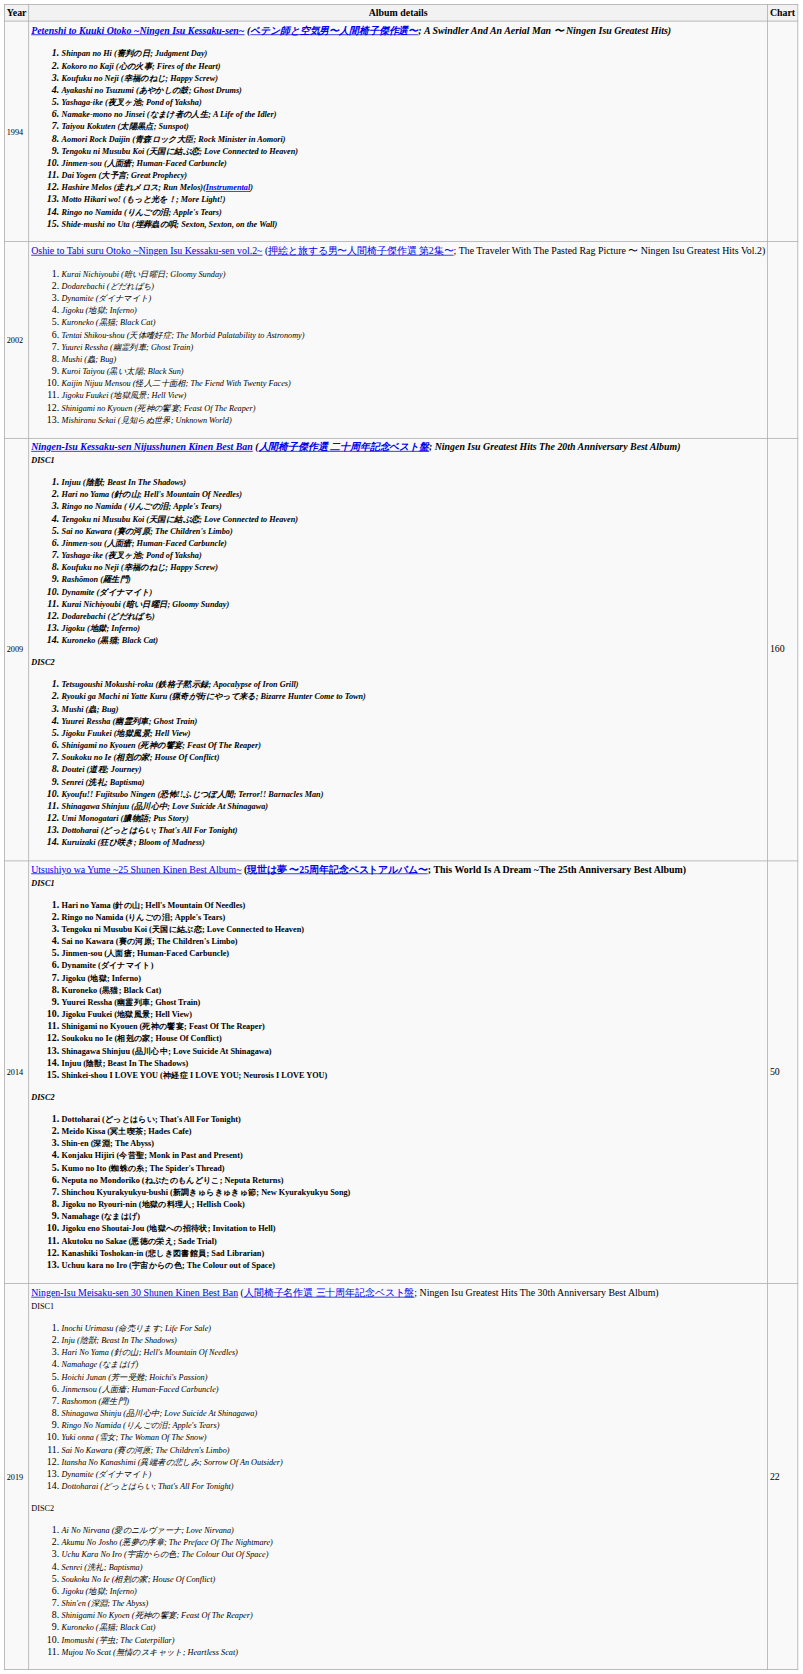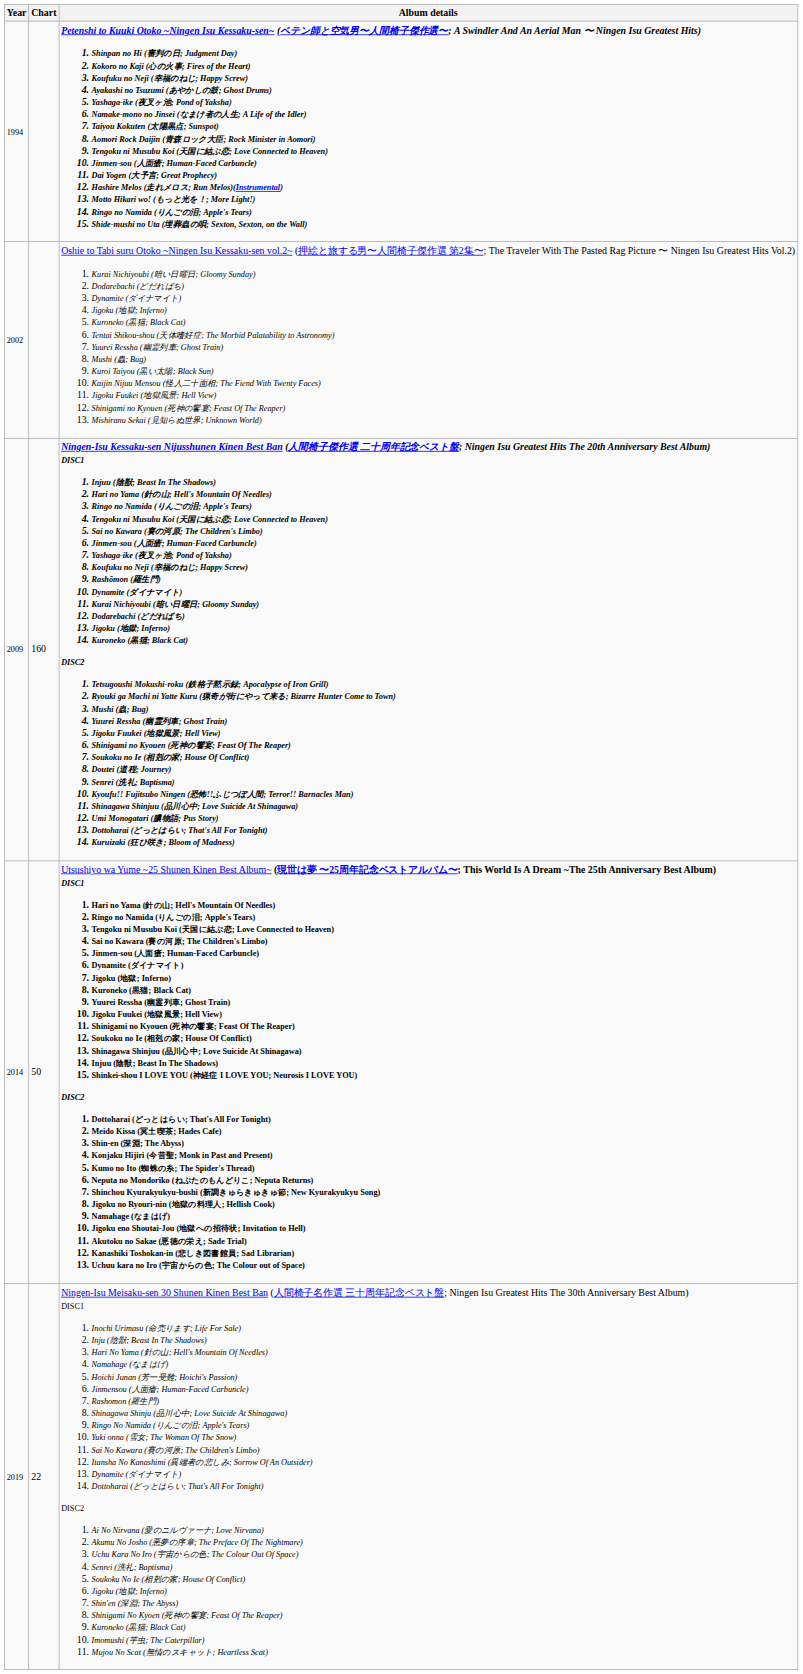 <table class="wikitable" style="font-size:small">
 <tr>
 <th>Year</th>
+<th>Chart</th>
 <th>Album details</th>
-<th>Chart</th>
 </tr>
 <tr>
 <td><small>1994</small></td>
+<td></td>
 <td><strong><em><a href='#'>Petenshi to Kuuki Otoko ~Ningen Isu Kessaku-sen~</a><strong> (<a href='#'>ペテン師と空気男〜人間椅子傑作選〜</a>; A Swindler And An Aerial Man 〜 Ningen Isu Greatest Hits)<em><br><ol><li><small></em>Shinpan no Hi (審判の日; Judgment Day)<em></small></li><li><small></em>Kokoro no Kaji (心の火事; Fires of the Heart)<em></small></li><li><small></em>Koufuku no Neji (幸福のねじ; Happy Screw)<em></small></li><li><small></em>Ayakashi no Tsuzumi (あやかしの鼓; Ghost Drums)<em></small></li><li><small></em>Yashaga-ike (夜叉ヶ池; Pond of Yaksha)<em></small></li><li><small></em>Namake-mono no Jinsei (なまけ者の人生; A Life of the Idler)<em></small></li><li><small></em>Taiyou Kokuten (太陽黒点; Sunspot)<em></small></li><li><small></em>Aomori Rock Daijin (青森ロック大臣; Rock Minister in Aomori)<em></small></li><li><small></em>Tengoku ni Musubu Koi (天国に結ぶ恋; Love Connected to Heaven)<em></small></li><li><small></em>Jinmen-sou (人面瘡; Human-Faced Carbuncle)<em></small></li><li><small></em>Dai Yogen (大予言; Great Prophecy)<em></small></li><li><small></em>Hashire Melos (走れメロス; Run Melos)<em>(<a href='#'>Instrumental</a>)</small></li><li><small></em>Motto Hikari wo! (もっと光を！; More Light!)<em></small></li><li><small></em>Ringo no Namida (りんごの泪; Apple's Tears)<em></small></li><li><small></em>Shide-mushi no Uta (埋葬蟲の唄; Sexton, Sexton, on the Wall)<em></small></li></ol></td>
-<td></td>
 </tr>
 <tr>
 <td><small>2002</small></td>
+<td></td>
 <td></em></strong><a href='#'>Oshie to Tabi suru Otoko ~Ningen Isu Kessaku-sen vol.2~</a></strong> (<a href='#'>押絵と旅する男〜人間椅子傑作選 第2集〜</a>; The Traveler With The Pasted Rag Picture 〜 Ningen Isu Greatest Hits Vol.2)</em><br><ol><li><small><em>Kurai Nichiyoubi (暗い日曜日; Gloomy Sunday)</em></small></li><li><small><em>Dodarebachi (どだればち)</em></small></li><li><small><em>Dynamite (ダイナマイト)</em></small></li><li><small><em>Jigoku (地獄; Inferno)</em></small></li><li><small><em>Kuroneko (黒猫; Black Cat)</em></small></li><li><small><em>Tentai Shikou-shou (天体嗜好症; The Morbid Palatability to Astronomy)</em></small></li><li><small><em>Yuurei Ressha (幽霊列車; Ghost Train)</em></small></li><li><small><em>Mushi (蟲; Bug)</em></small></li><li><small><em>Kuroi Taiyou (黒い太陽; Black Sun)</em></small></li><li><small><em>Kaijin Nijuu Mensou (怪人二十面相; The Fiend With Twenty Faces)</em></small></li><li><small><em>Jigoku Fuukei (地獄風景; Hell View)</em></small></li><li><small><em>Shinigami no Kyouen (死神の饗宴; Feast Of The Reaper)</em></small></li><li><small><em>Mishiranu Sekai (見知らぬ世界; Unknown World)</em></small></li></ol></td>
-<td></td>
 </tr>
 <tr>
 <td><small>2009</small></td>
+<td>160</td>
 <td><strong><em><a href='#'>Ningen-Isu Kessaku-sen Nijusshunen Kinen Best Ban</a><strong> (<a href='#'>人間椅子傑作選 二十周年記念ベスト盤</a>; Ningen Isu Greatest Hits The 20th Anniversary Best Album)<em><br><small>DISC1</small><ol><li><small></em>Injuu (陰獣; Beast In The Shadows)<em></small></li><li><small></em>Hari no Yama (針の山; Hell's Mountain Of Needles)<em></small></li><li><small></em>Ringo no Namida (りんごの泪; Apple's Tears)<em></small></li><li><small></em>Tengoku ni Musubu Koi (天国に結ぶ恋; Love Connected to Heaven)<em></small></li><li><small></em>Sai no Kawara (賽の河原; The Children's Limbo)<em></small></li><li><small></em>Jinmen-sou (人面瘡; Human-Faced Carbuncle)<em></small></li><li><small></em>Yashaga-ike (夜叉ヶ池; Pond of Yaksha)<em></small></li><li><small></em>Koufuku no Neji (幸福のねじ; Happy Screw)<em></small></li><li><small></em>Rashōmon (羅生門)<em></small></li><li><small></em>Dynamite (ダイナマイト)<em></small></li><li><small></em>Kurai Nichiyoubi (暗い日曜日; Gloomy Sunday)<em></small></li><li><small></em>Dodarebachi (どだればち)<em></small></li><li><small></em>Jigoku (地獄; Inferno)<em></small></li><li><small></em>Kuroneko (黒猫; Black Cat)<em></small></li></ol><small>DISC2</small><ol><li><small></em>Tetsugoushi Mokushi-roku (鉄格子黙示録; Apocalypse of Iron Grill)<em></small></li><li><small></em>Ryouki ga Machi ni Yatte Kuru (猟奇が街にやって来る; Bizarre Hunter Come to Town)<em></small></li><li><small></em>Mushi (蟲; Bug)<em></small></li><li><small></em>Yuurei Ressha (幽霊列車; Ghost Train)<em></small></li><li><small></em>Jigoku Fuukei (地獄風景; Hell View)<em></small></li><li><small></em>Shinigami no Kyouen (死神の饗宴; Feast Of The Reaper)<em></small></li><li><small></em>Soukoku no Ie (相剋の家; House Of Conflict)<em></small></li><li><small></em>Doutei (道程; Journey)<em></small></li><li><small></em>Senrei (洗礼; Baptisma)<em></small></li><li><small></em>Kyoufu!! Fujitsubo Ningen (恐怖!!ふじつぼ人間; Terror!! Barnacles Man)<em></small></li><li><small></em>Shinagawa Shinjuu (品川心中; Love Suicide At Shinagawa)<em></small></li><li><small></em>Umi Monogatari (膿物語; Pus Story)<em></small></li><li><small></em>Dottoharai (どっとはらい; That's All For Tonight)<em></small></li><li><small></em>Kuruizaki (狂ひ咲き; Bloom of Madness)<em></small></li></ol></td>
-<td>160</td>
 </tr>
 <tr>
 <td><small>2014</small></td>
+<td>50</td>
 <td></em><a href='#'></strong>Utsushiyo wa Yume ~25 Shunen Kinen Best Album~<strong></a> (<a href='#'>現世は夢 〜25周年記念ベストアルバム〜</a>; This World Is A Dream ~The 25th Anniversary Best Album)<em><br><small>DISC1</small><ol><li><small></em>Hari no Yama (針の山; Hell's Mountain Of Needles)<em></small></li><li><small></em>Ringo no Namida (りんごの泪; Apple's Tears)<em></small></li><li><small></em>Tengoku ni Musubu Koi (天国に結ぶ恋; Love Connected to Heaven)<em></small></li><li><small></em>Sai no Kawara (賽の河原; The Children's Limbo)<em></small></li><li><small></em>Jinmen-sou (人面瘡; Human-Faced Carbuncle)<em></small></li><li><small></em>Dynamite (ダイナマイト)<em></small></li><li><small></em>Jigoku (地獄; Inferno)<em></small></li><li><small></em>Kuroneko (黒猫; Black Cat)<em></small></li><li><small></em>Yuurei Ressha (幽霊列車; Ghost Train)<em></small></li><li><small></em>Jigoku Fuukei (地獄風景; Hell View)<em></small></li><li><small></em>Shinigami no Kyouen (死神の饗宴; Feast Of The Reaper)<em></small></li><li><small></em>Soukoku no Ie (相剋の家; House Of Conflict)<em></small></li><li><small></em>Shinagawa Shinjuu (品川心中; Love Suicide At Shinagawa)<em></small></li><li><small></em>Injuu (陰獣; Beast In The Shadows)<em></small></li><li><small></em>Shinkei-shou I LOVE YOU (神経症 I LOVE YOU; Neurosis I LOVE YOU)<em></small></li></ol><small>DISC2</small><ol><li><small></em>Dottoharai (どっとはらい; That's All For Tonight)<em></small></li><li><small></em>Meido Kissa (冥土喫茶; Hades Cafe)<em></small></li><li><small></em>Shin-en (深淵; The Abyss)<em></small></li><li><small></em>Konjaku Hijiri (今昔聖; Monk in Past and Present)<em></small></li><li><small></em>Kumo no Ito (蜘蛛の糸; The Spider's Thread)<em></small></li><li><small></em>Neputa no Mondoriko (ねぷたのもんどりこ; Neputa Returns)<em></small></li><li><small></em>Shinchou Kyurakyukyu-bushi (新調きゅらきゅきゅ節; New Kyurakyukyu Song)<em></small></li><li><small></em>Jigoku no Ryouri-nin (地獄の料理人; Hellish Cook)<em></small></li><li><small></em>Namahage (なまはげ)<em></small></li><li><small></em>Jigoku eno Shoutai-Jou (地獄への招待状; Invitation to Hell)<em></small></li><li><small></em>Akutoku no Sakae (悪徳の栄え; Sade Trial)<em></small></li><li><small></em>Kanashiki Toshokan-in (悲しき図書館員; Sad Librarian)<em></small></li><li><small></em>Uchuu kara no Iro (宇宙からの色; The Colour out of Space)<em></small></li></ol></td>
-<td>50</td>
 </tr>
 <tr>
 <td><small>2019</small></td>
+<td>22</td>
 <td></em></strong><a href='#'>Ningen-Isu Meisaku-sen 30 Shunen Kinen Best Ban</a></strong> (<a href='#'>人間椅子名作選 三十周年記念ベスト盤</a>; Ningen Isu Greatest Hits The 30th Anniversary Best Album)</em><br><small>DISC1</small><ol><li><small><em>Inochi Urimasu (命売ります; Life For Sale)</em></small></li><li><small><em>Inju (陰獣; Beast In The Shadows)</em></small></li><li><small><em>Hari No Yama (針の山; Hell's Mountain Of Needles)</em></small></li><li><small><em>Namahage (なまはげ)</em></small></li><li><small><em>Hoichi Junan (芳一受難; Hoichi's Passion)</em></small></li><li><small><em>Jinmensou (人面瘡; Human-Faced Carbuncle)</em></small></li><li><small><em>Rashomon (羅生門)</em></small></li><li><small><em>Shinagawa Shinju (品川心中; Love Suicide At Shinagawa)</em></small></li><li><small><em>Ringo No Namida (りんごの泪; Apple's Tears)</em></small></li><li><small><em>Yuki onna (雪女; The Woman Of The Snow)</em></small></li><li><small><em>Sai No Kawara (賽の河原; The Children's Limbo)</em></small></li><li><small><em>Itansha No Kanashimi (異端者の悲しみ; Sorrow Of An Outsider)</em></small></li><li><small><em>Dynamite (ダイナマイト)</em></small></li><li><small><em>Dottoharai (どっとはらい; That's All For Tonight)</em></small></li></ol><small>DISC2</small><ol><li><small><em>Ai No Nirvana (愛のニルヴァーナ; Love Nirvana)</em></small></li><li><small><em>Akumu No Josho (悪夢の序章; The Preface Of The Nightmare)</em></small></li><li><small><em>Uchu Kara No Iro (宇宙からの色; The Colour Out Of Space)</em></small></li><li><small><em>Senrei (洗礼; Baptisma)</em></small></li><li><small><em>Soukoku No Ie (相剋の家; House Of Conflict)</em></small></li><li><small><em>Jigoku (地獄; Inferno)</em></small></li><li><small><em>Shin'en (深淵; The Abyss)</em></small></li><li><small><em>Shinigami No Kyoen (死神の饗宴; Feast Of The Reaper)</em></small></li><li><small><em>Kuroneko (黒猫; Black Cat)</em></small></li><li><small><em>Imomushi (芋虫; The Caterpillar)</em></small></li><li><small><em>Mujou No Scat (無情のスキャット; Heartless Scat)</em></small></li></ol></td>
-<td>22</td>
 </tr>
 </table>
